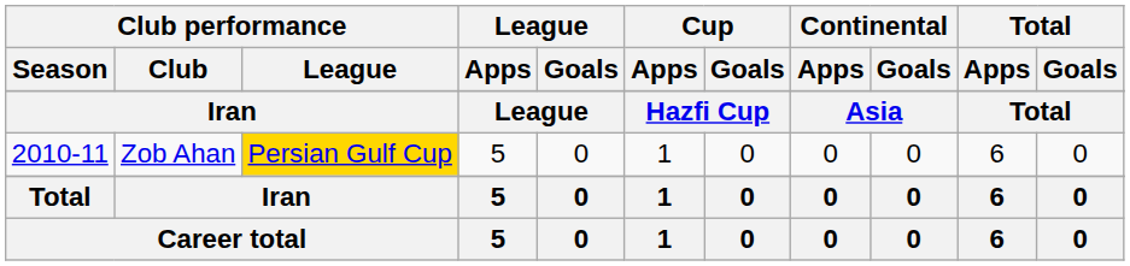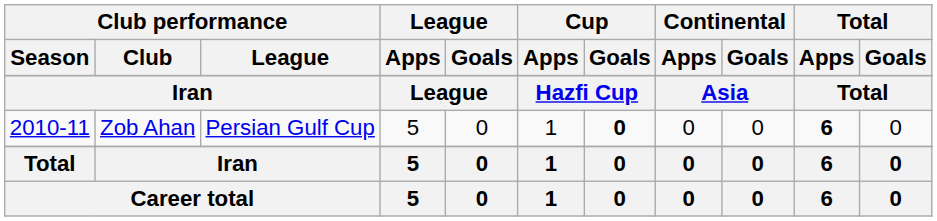 <table class="wikitable" style="text-align:center">
 <tr>
 <th colspan=3>Club performance</th>
 <th colspan=2>League</th>
 <th colspan=2>Cup</th>
 <th colspan=2>Continental</th>
 <th colspan=2>Total</th>
 </tr>
 <tr>
 <th>Season</th>
 <th>Club</th>
 <th>League</th>
 <th>Apps</th>
 <th>Goals</th>
 <th>Apps</th>
 <th>Goals</th>
 <th>Apps</th>
 <th>Goals</th>
 <th>Apps</th>
 <th>Goals</th>
 </tr>
 <tr>
 </tr>
 <tr>
 <th colspan=3>Iran</th>
 <th colspan=2>League</th>
 <th colspan=2><a href='#'>Hazfi Cup</a></th>
 <th colspan=2><a href='#'>Asia</a></th>
 <th colspan=2>Total</th>
 </tr>
 <tr>
 <td><a href='#'>2010-11</a></td>
 <td rowspan="1"><a href='#'>Zob Ahan</a></td>
-<td rowspan="1" style="background: gold;"><a href='#'>Persian Gulf Cup</a></td>
+<td rowspan="1"><a href='#'>Persian Gulf Cup</a></td>
 <td>5</td>
 <td>0</td>
 <td>1</td>
+<td><strong>0</strong></td>
 <td>0</td>
 <td>0</td>
-<td>0</td>
-<td>6</td>
+<td><strong>6</strong></td>
 <td>0</td>
 </tr>
 <tr>
 </tr>
 <tr>
 <th rowspan=1>Total</th>
 <th colspan=2>Iran</th>
 <th>5</th>
 <th>0</th>
 <th>1</th>
 <th>0</th>
 <th>0</th>
 <th>0</th>
 <th>6</th>
 <th>0</th>
 </tr>
 <tr>
 <th colspan=3>Career total</th>
 <th>5</th>
 <th>0</th>
 <th>1</th>
 <th>0</th>
 <th>0</th>
 <th>0</th>
 <th>6</th>
 <th>0</th>
 </tr>
 </table>
